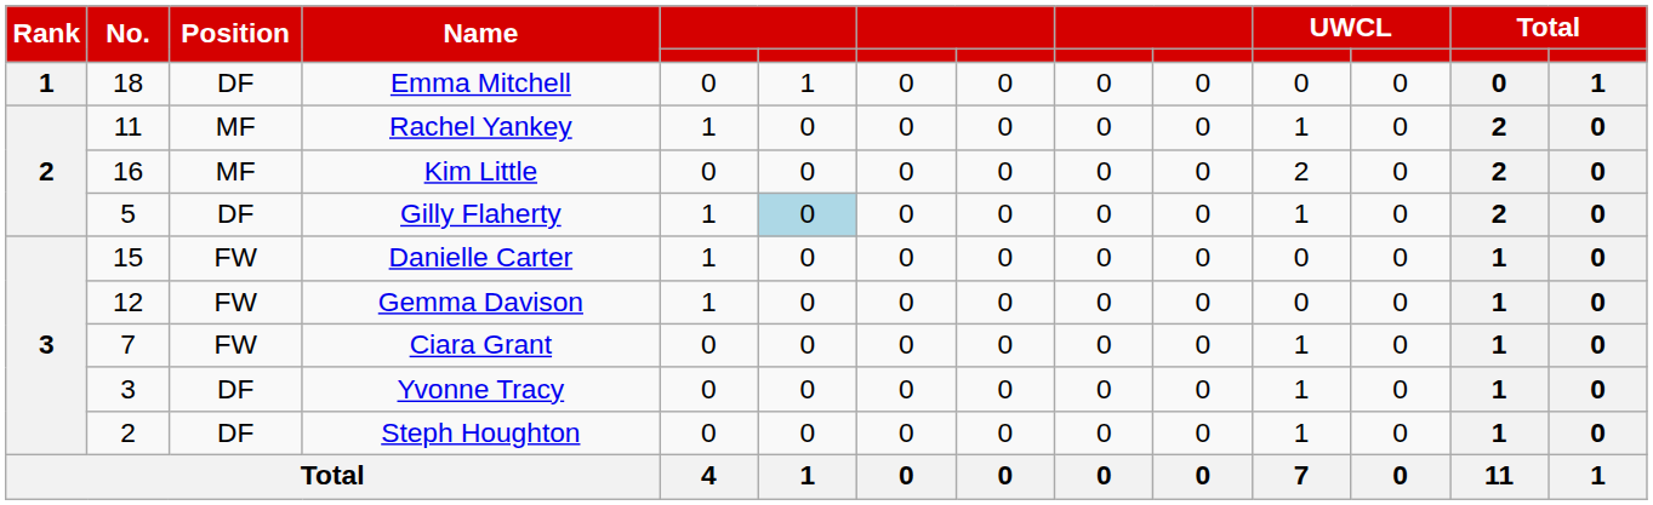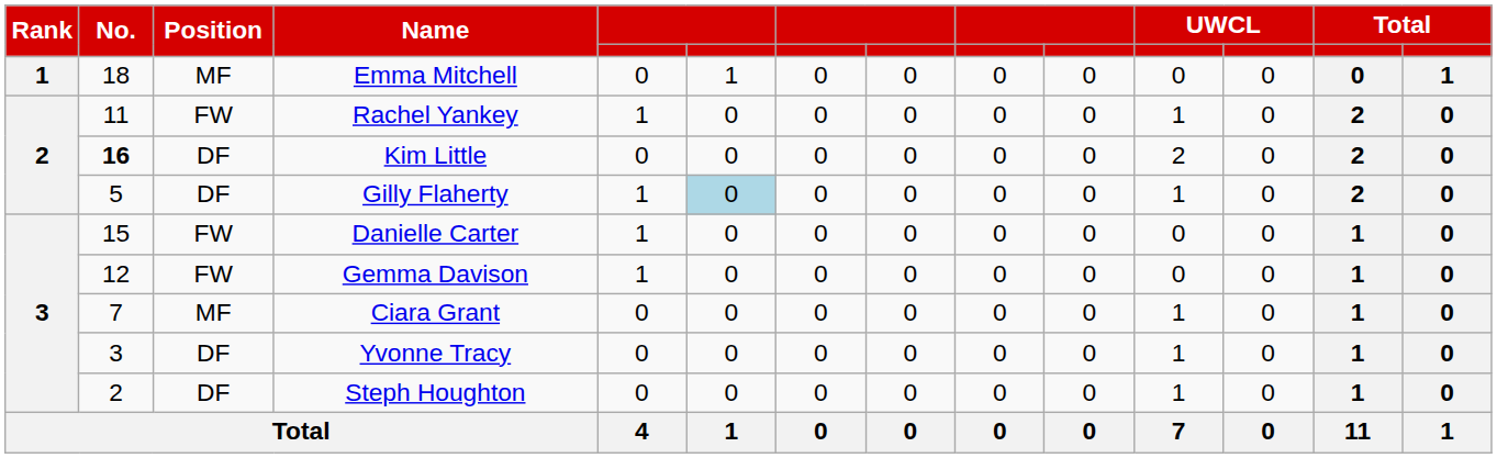 <table class="wikitable" style="text-align:center; font-size:100%; ">
 <tr>
 <th style="background:#d50000; color:white; text-align:center; width:40px" rowspan="2">Rank</th>
 <th style="background:#d50000; color:white; text-align:center; width:40px" rowspan="2">No.</th>
 <th rowspan="2" style="background:#d50000; color:white; text-align:center; width:70px">Position</th>
 <th style="background:#d50000; color:white; text-align:center; width:200px" rowspan="2">Name</th>
 <th style="background:#d50000; color:white; text-align:center;" colspan="2"><a href='#'></a></th>
 <th style="background:#d50000; color:white; text-align:center;" colspan="2"><a href='#'></a></th>
 <th style="background:#d50000; color:white; text-align:center;" colspan="2"></th>
 <th style="background:#d50000; color:white; text-align:center;" colspan="2">UWCL</th>
 <th colspan="2" style="background:#d50000; color:white; text-align:center;">Total</th>
 </tr>
 <tr>
 <th style="background:#d50000; color:white; text-align:center; width:50px;"></th>
 <th style="background:#d50000; color:white; text-align:center; width:50px;"></th>
 <th style="background:#d50000; color:white; text-align:center; width:50px;"></th>
 <th style="background:#d50000; color:white; text-align:center; width:50px;"></th>
 <th style="background:#d50000; color:white; text-align:center; width:50px;"></th>
 <th style="background:#d50000; color:white; text-align:center; width:50px;"></th>
 <th style="background:#d50000; color:white; text-align:center; width:50px;"></th>
 <th style="background:#d50000; color:white; text-align:center; width:50px;"></th>
 <th style="background:#d50000; color:white; text-align:center; width:50px;"></th>
 <th style="background:#d50000; color:white; text-align:center; width:50px;"></th>
 </tr>
 <tr>
 <th>1</th>
 <td>18</td>
-<td>DF</td>
+<td>MF</td>
 <td> <a href='#'>Emma Mitchell</a></td>
 <td>0</td>
 <td>1</td>
 <td>0</td>
 <td>0</td>
 <td>0</td>
 <td>0</td>
 <td>0</td>
 <td>0</td>
 <th>0</th>
 <th>1</th>
 </tr>
 <tr>
 <th rowspan="3">2</th>
 <td>11</td>
-<td>MF</td>
+<td>FW</td>
 <td> <a href='#'>Rachel Yankey</a></td>
 <td>1</td>
 <td>0</td>
 <td>0</td>
 <td>0</td>
 <td>0</td>
 <td>0</td>
 <td>1</td>
 <td>0</td>
 <th>2</th>
 <th>0</th>
 </tr>
 <tr>
-<td>16</td>
-<td>MF</td>
+<td><strong>16</strong></td>
+<td>DF</td>
 <td> <a href='#'>Kim Little</a></td>
 <td>0</td>
 <td>0</td>
 <td>0</td>
 <td>0</td>
 <td>0</td>
 <td>0</td>
 <td>2</td>
 <td>0</td>
 <th>2</th>
 <th>0</th>
 </tr>
 <tr>
 <td>5</td>
 <td>DF</td>
 <td> <a href='#'>Gilly Flaherty</a></td>
 <td>1</td>
 <td style="background: lightblue;">0</td>
 <td>0</td>
 <td>0</td>
 <td>0</td>
 <td>0</td>
 <td>1</td>
 <td>0</td>
 <th>2</th>
 <th>0</th>
 </tr>
 <tr>
 <th rowspan="5">3</th>
 <td>15</td>
 <td>FW</td>
 <td> <a href='#'>Danielle Carter</a></td>
 <td>1</td>
 <td>0</td>
 <td>0</td>
 <td>0</td>
 <td>0</td>
 <td>0</td>
 <td>0</td>
 <td>0</td>
 <th>1</th>
 <th>0</th>
 </tr>
 <tr>
 <td>12</td>
 <td>FW</td>
 <td> <a href='#'>Gemma Davison</a></td>
 <td>1</td>
 <td>0</td>
 <td>0</td>
 <td>0</td>
 <td>0</td>
 <td>0</td>
 <td>0</td>
 <td>0</td>
 <th>1</th>
 <th>0</th>
 </tr>
 <tr>
 <td>7</td>
-<td>FW</td>
+<td>MF</td>
 <td> <a href='#'>Ciara Grant</a></td>
 <td>0</td>
 <td>0</td>
 <td>0</td>
 <td>0</td>
 <td>0</td>
 <td>0</td>
 <td>1</td>
 <td>0</td>
 <th>1</th>
 <th>0</th>
 </tr>
 <tr>
 <td>3</td>
 <td>DF</td>
 <td> <a href='#'>Yvonne Tracy</a></td>
 <td>0</td>
 <td>0</td>
 <td>0</td>
 <td>0</td>
 <td>0</td>
 <td>0</td>
 <td>1</td>
 <td>0</td>
 <th>1</th>
 <th>0</th>
 </tr>
 <tr>
 <td>2</td>
 <td>DF</td>
 <td> <a href='#'>Steph Houghton</a></td>
 <td>0</td>
 <td>0</td>
 <td>0</td>
 <td>0</td>
 <td>0</td>
 <td>0</td>
 <td>1</td>
 <td>0</td>
 <th>1</th>
 <th>0</th>
 </tr>
 <tr>
 <th colspan="4">Total</th>
 <th>4</th>
 <th>1</th>
 <th>0</th>
 <th>0</th>
 <th>0</th>
 <th>0</th>
 <th>7</th>
 <th>0</th>
 <th>11</th>
 <th>1</th>
 </tr>
 </table>
